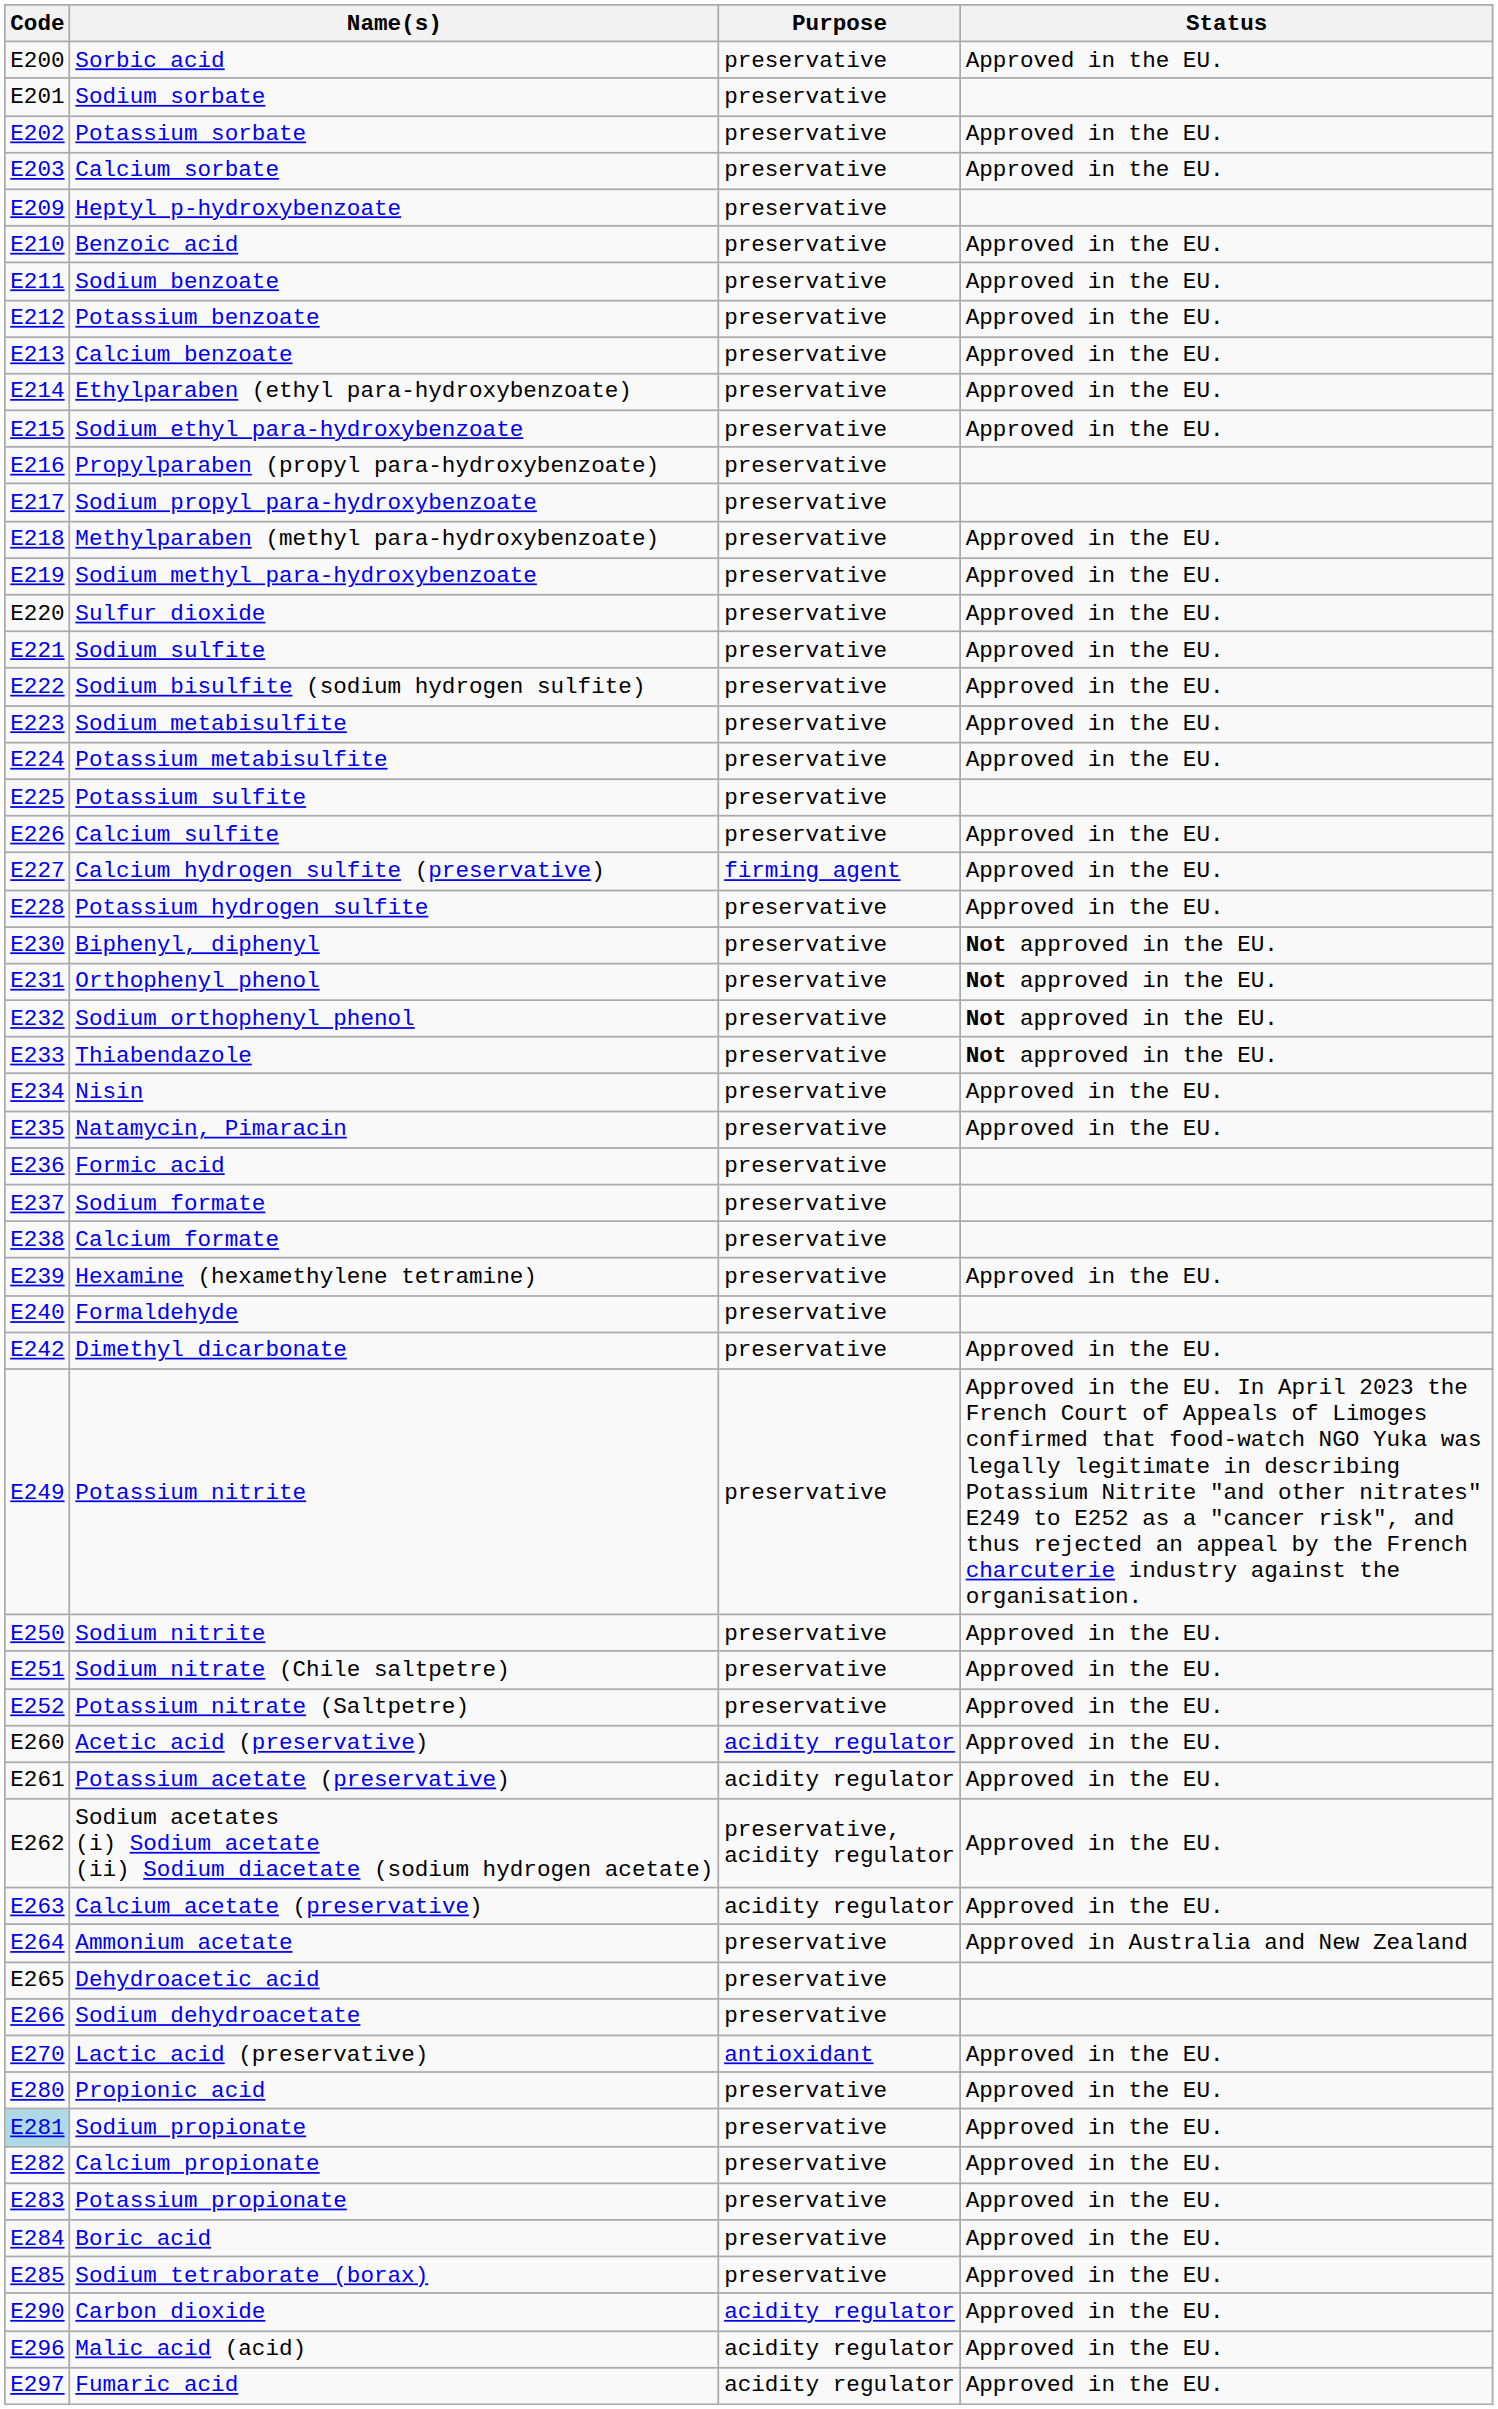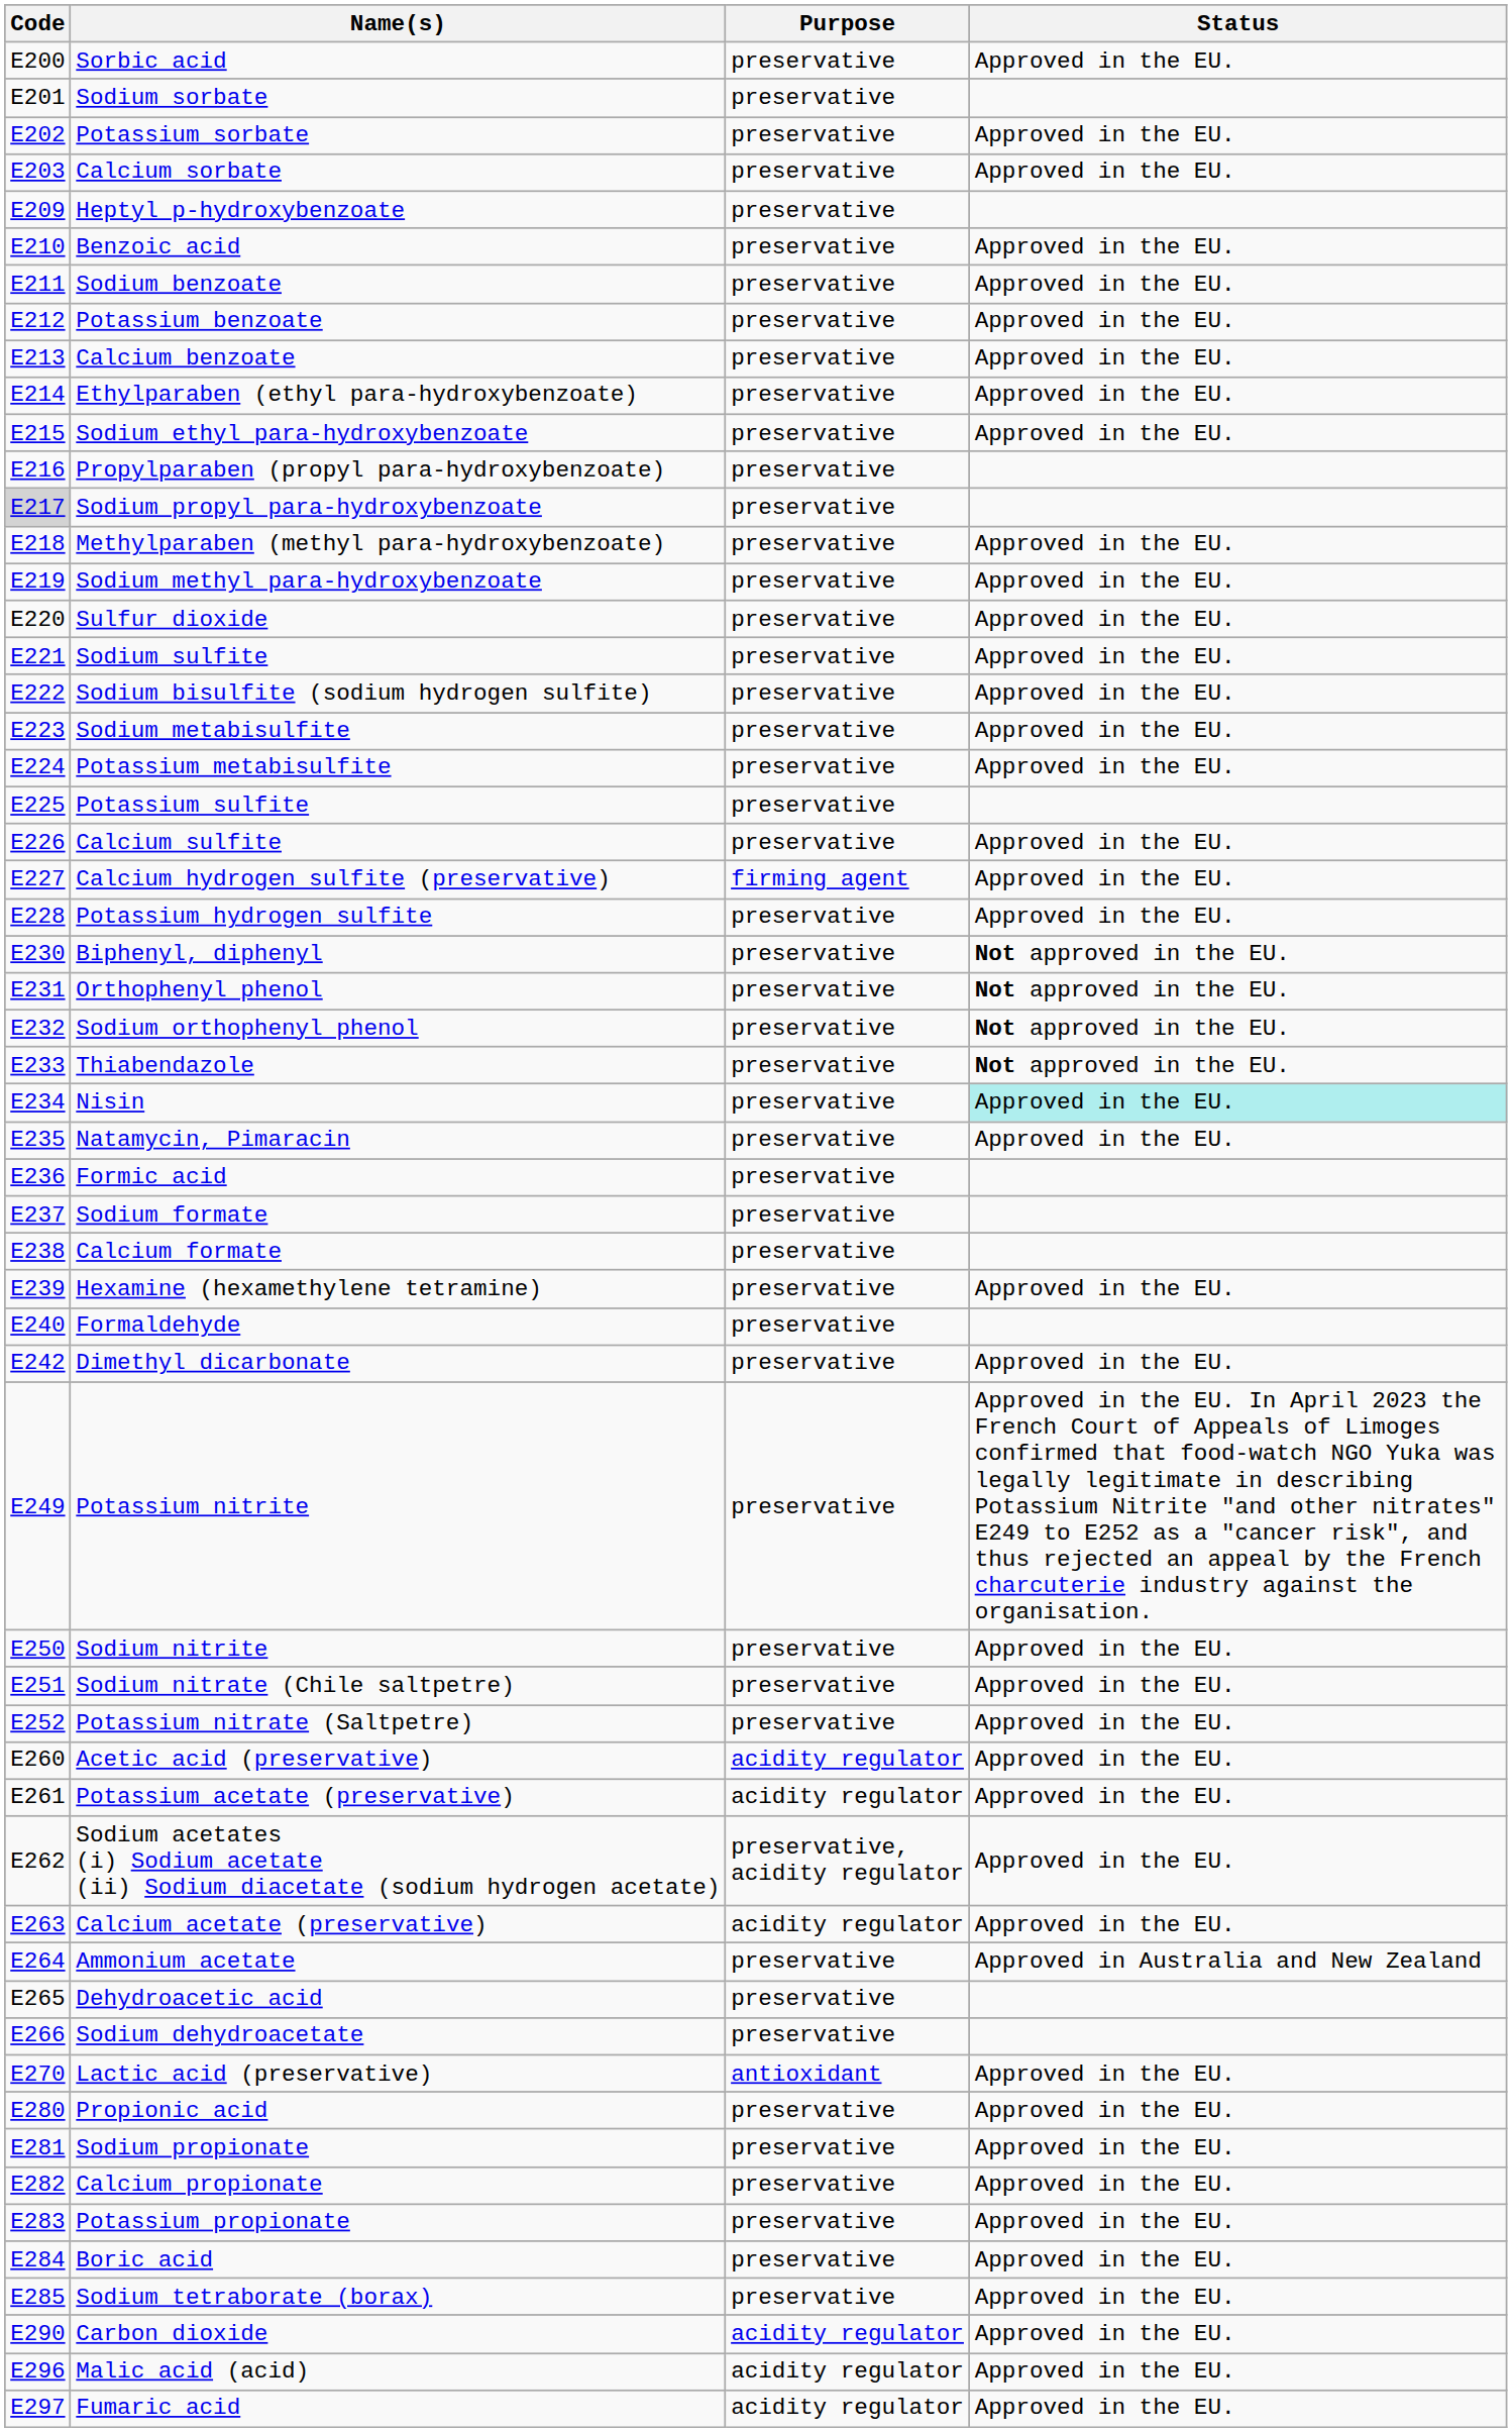 <table class="wikitable sortable">
 <tr>
 <th>Code</th>
 <th>Name(s)</th>
 <th>Purpose</th>
 <th width=300>Status</th>
 </tr>
 <tr>
 <td>E200</td>
 <td><a href='#'>Sorbic acid</a></td>
 <td>preservative</td>
 <td>Approved in the EU.</td>
 </tr>
 <tr>
 <td>E201</td>
 <td><a href='#'>Sodium sorbate</a></td>
 <td>preservative</td>
 <td></td>
 </tr>
 <tr>
 <td><a href='#'>E202</a></td>
 <td><a href='#'>Potassium sorbate</a></td>
 <td>preservative</td>
 <td>Approved in the EU.</td>
 </tr>
 <tr>
 <td><a href='#'>E203</a></td>
 <td><a href='#'>Calcium sorbate</a></td>
 <td>preservative</td>
 <td>Approved in the EU.</td>
 </tr>
 <tr>
 <td><a href='#'>E209</a></td>
 <td><a href='#'>Heptyl p-hydroxybenzoate</a></td>
 <td>preservative</td>
 <td></td>
 </tr>
 <tr>
 <td><a href='#'>E210</a></td>
 <td><a href='#'>Benzoic acid</a></td>
 <td>preservative</td>
 <td>Approved in the EU.</td>
 </tr>
 <tr>
 <td><a href='#'>E211</a></td>
 <td><a href='#'>Sodium benzoate</a></td>
 <td>preservative</td>
 <td>Approved in the EU.</td>
 </tr>
 <tr>
 <td><a href='#'>E212</a></td>
 <td><a href='#'>Potassium benzoate</a></td>
 <td>preservative</td>
 <td>Approved in the EU.</td>
 </tr>
 <tr>
 <td><a href='#'>E213</a></td>
 <td><a href='#'>Calcium benzoate</a></td>
 <td>preservative</td>
 <td>Approved in the EU.</td>
 </tr>
 <tr>
 <td><a href='#'>E214</a></td>
 <td><a href='#'>Ethylparaben</a> (ethyl para-hydroxybenzoate)</td>
 <td>preservative</td>
 <td>Approved in the EU.</td>
 </tr>
 <tr>
 <td><a href='#'>E215</a></td>
 <td><a href='#'>Sodium ethyl para-hydroxybenzoate</a></td>
 <td>preservative</td>
 <td>Approved in the EU.</td>
 </tr>
 <tr>
 <td><a href='#'>E216</a></td>
 <td><a href='#'>Propylparaben</a> (propyl para-hydroxybenzoate)</td>
 <td>preservative</td>
 <td></td>
 </tr>
 <tr>
-<td><a href='#'>E217</a></td>
+<td style="background: lightgrey;"><a href='#'>E217</a></td>
 <td><a href='#'>Sodium propyl para-hydroxybenzoate</a></td>
 <td>preservative</td>
 <td></td>
 </tr>
 <tr>
 <td><a href='#'>E218</a></td>
 <td><a href='#'>Methylparaben</a> (methyl para-hydroxybenzoate)</td>
 <td>preservative</td>
 <td>Approved in the EU.</td>
 </tr>
 <tr>
 <td><a href='#'>E219</a></td>
 <td><a href='#'>Sodium methyl para-hydroxybenzoate</a></td>
 <td>preservative</td>
 <td>Approved in the EU.</td>
 </tr>
 <tr>
 <td>E220</td>
 <td><a href='#'>Sulfur dioxide</a></td>
 <td>preservative</td>
 <td>Approved in the EU.</td>
 </tr>
 <tr>
 <td><a href='#'>E221</a></td>
 <td><a href='#'>Sodium sulfite</a></td>
 <td>preservative</td>
 <td>Approved in the EU.</td>
 </tr>
 <tr>
 <td><a href='#'>E222</a></td>
 <td><a href='#'>Sodium bisulfite</a> (sodium hydrogen sulfite)</td>
 <td>preservative</td>
 <td>Approved in the EU.</td>
 </tr>
 <tr>
 <td><a href='#'>E223</a></td>
 <td><a href='#'>Sodium metabisulfite</a></td>
 <td>preservative</td>
 <td>Approved in the EU.</td>
 </tr>
 <tr>
 <td><a href='#'>E224</a></td>
 <td><a href='#'>Potassium metabisulfite</a></td>
 <td>preservative</td>
 <td>Approved in the EU.</td>
 </tr>
 <tr>
 <td><a href='#'>E225</a></td>
 <td><a href='#'>Potassium sulfite</a></td>
 <td>preservative</td>
 <td></td>
 </tr>
 <tr>
 <td><a href='#'>E226</a></td>
 <td><a href='#'>Calcium sulfite</a></td>
 <td>preservative</td>
 <td>Approved in the EU.</td>
 </tr>
 <tr>
 <td><a href='#'>E227</a></td>
 <td><a href='#'>Calcium hydrogen sulfite</a> (<a href='#'>preservative</a>)</td>
 <td><a href='#'>firming agent</a></td>
 <td>Approved in the EU.</td>
 </tr>
 <tr>
 <td><a href='#'>E228</a></td>
 <td><a href='#'>Potassium hydrogen sulfite</a></td>
 <td>preservative</td>
 <td>Approved in the EU.</td>
 </tr>
 <tr>
 <td><a href='#'>E230</a></td>
 <td><a href='#'>Biphenyl, diphenyl</a></td>
 <td>preservative</td>
 <td><strong>Not</strong> approved in the EU.</td>
 </tr>
 <tr>
 <td><a href='#'>E231</a></td>
 <td><a href='#'>Orthophenyl phenol</a></td>
 <td>preservative</td>
 <td><strong>Not</strong> approved in the EU.</td>
 </tr>
 <tr>
 <td><a href='#'>E232</a></td>
 <td><a href='#'>Sodium orthophenyl phenol</a></td>
 <td>preservative</td>
 <td><strong>Not</strong> approved in the EU.</td>
 </tr>
 <tr>
 <td><a href='#'>E233</a></td>
 <td><a href='#'>Thiabendazole</a></td>
 <td>preservative</td>
 <td><strong>Not</strong> approved in the EU.</td>
 </tr>
 <tr>
 <td><a href='#'>E234</a></td>
 <td><a href='#'>Nisin</a></td>
 <td>preservative</td>
-<td>Approved in the EU.</td>
+<td style="background: paleturquoise;">Approved in the EU.</td>
 </tr>
 <tr>
 <td><a href='#'>E235</a></td>
 <td><a href='#'>Natamycin, Pimaracin</a></td>
 <td>preservative</td>
 <td>Approved in the EU.</td>
 </tr>
 <tr>
 <td><a href='#'>E236</a></td>
 <td><a href='#'>Formic acid</a></td>
 <td>preservative</td>
 <td></td>
 </tr>
 <tr>
 <td><a href='#'>E237</a></td>
 <td><a href='#'>Sodium formate</a></td>
 <td>preservative</td>
 <td></td>
 </tr>
 <tr>
 <td><a href='#'>E238</a></td>
 <td><a href='#'>Calcium formate</a></td>
 <td>preservative</td>
 <td></td>
 </tr>
 <tr>
 <td><a href='#'>E239</a></td>
 <td><a href='#'>Hexamine</a> (hexamethylene tetramine)</td>
 <td>preservative</td>
 <td>Approved in the EU.</td>
 </tr>
 <tr>
 <td><a href='#'>E240</a></td>
 <td><a href='#'>Formaldehyde</a></td>
 <td>preservative</td>
 <td></td>
 </tr>
 <tr>
 <td><a href='#'>E242</a></td>
 <td><a href='#'>Dimethyl dicarbonate</a></td>
 <td>preservative</td>
 <td>Approved in the EU.</td>
 </tr>
 <tr>
 <td><a href='#'>E249</a></td>
 <td><a href='#'>Potassium nitrite</a></td>
 <td>preservative</td>
 <td>Approved in the EU. In April 2023 the French Court of Appeals of Limoges confirmed that food-watch NGO Yuka was legally legitimate in describing Potassium Nitrite "and other nitrates" E249 to E252 as a "cancer risk", and thus rejected an appeal by the French <a href='#'>charcuterie</a> industry against the organisation.</td>
 </tr>
 <tr>
 <td><a href='#'>E250</a></td>
 <td><a href='#'>Sodium nitrite</a></td>
 <td>preservative</td>
 <td>Approved in the EU.</td>
 </tr>
 <tr>
 <td><a href='#'>E251</a></td>
 <td><a href='#'>Sodium nitrate</a> (Chile saltpetre)</td>
 <td>preservative</td>
 <td>Approved in the EU.</td>
 </tr>
 <tr>
 <td><a href='#'>E252</a></td>
 <td><a href='#'>Potassium nitrate</a> (Saltpetre)</td>
 <td>preservative</td>
 <td>Approved in the EU.</td>
 </tr>
 <tr>
 <td>E260</td>
 <td><a href='#'>Acetic acid</a> (<a href='#'>preservative</a>)</td>
 <td><a href='#'>acidity regulator</a></td>
 <td>Approved in the EU.</td>
 </tr>
 <tr>
 <td>E261</td>
 <td><a href='#'>Potassium acetate</a> (<a href='#'>preservative</a>)</td>
 <td>acidity regulator</td>
 <td>Approved in the EU.</td>
 </tr>
 <tr>
 <td>E262</td>
 <td>Sodium acetates<br>(i) <a href='#'>Sodium acetate</a><br>(ii) <a href='#'>Sodium diacetate</a> (sodium hydrogen acetate)</td>
 <td>preservative,<br>acidity regulator</td>
 <td>Approved in the EU.</td>
 </tr>
 <tr>
 <td><a href='#'>E263</a></td>
 <td><a href='#'>Calcium acetate</a> (<a href='#'>preservative</a>)</td>
 <td>acidity regulator</td>
 <td>Approved in the EU.</td>
 </tr>
 <tr>
 <td><a href='#'>E264</a></td>
 <td><a href='#'>Ammonium acetate</a></td>
 <td>preservative</td>
 <td>Approved in Australia and New Zealand</td>
 </tr>
 <tr>
 <td>E265</td>
 <td><a href='#'>Dehydroacetic acid</a></td>
 <td>preservative</td>
 <td></td>
 </tr>
 <tr>
 <td><a href='#'>E266</a></td>
 <td><a href='#'>Sodium dehydroacetate</a></td>
 <td>preservative</td>
 <td></td>
 </tr>
 <tr>
 <td><a href='#'>E270</a></td>
 <td><a href='#'>Lactic acid</a> (preservative)</td>
 <td><a href='#'>antioxidant</a></td>
 <td>Approved in the EU.</td>
 </tr>
 <tr>
 <td><a href='#'>E280</a></td>
 <td><a href='#'>Propionic acid</a></td>
 <td>preservative</td>
 <td>Approved in the EU.</td>
 </tr>
 <tr>
-<td style="background: lightblue;"><a href='#'>E281</a></td>
+<td><a href='#'>E281</a></td>
 <td><a href='#'>Sodium propionate</a></td>
 <td>preservative</td>
 <td>Approved in the EU.</td>
 </tr>
 <tr>
 <td><a href='#'>E282</a></td>
 <td><a href='#'>Calcium propionate</a></td>
 <td>preservative</td>
 <td>Approved in the EU.</td>
 </tr>
 <tr>
 <td><a href='#'>E283</a></td>
 <td><a href='#'>Potassium propionate</a></td>
 <td>preservative</td>
 <td>Approved in the EU.</td>
 </tr>
 <tr>
 <td><a href='#'>E284</a></td>
 <td><a href='#'>Boric acid</a></td>
 <td>preservative</td>
 <td>Approved in the EU.</td>
 </tr>
 <tr>
 <td><a href='#'>E285</a></td>
 <td><a href='#'>Sodium tetraborate (borax)</a></td>
 <td>preservative</td>
 <td>Approved in the EU.</td>
 </tr>
 <tr>
 <td><a href='#'>E290</a></td>
 <td><a href='#'>Carbon dioxide</a></td>
 <td><a href='#'>acidity regulator</a></td>
 <td>Approved in the EU.</td>
 </tr>
 <tr>
 <td><a href='#'>E296</a></td>
 <td><a href='#'>Malic acid</a> (acid)</td>
 <td>acidity regulator</td>
 <td>Approved in the EU.</td>
 </tr>
 <tr>
 <td><a href='#'>E297</a></td>
 <td><a href='#'>Fumaric acid</a></td>
 <td>acidity regulator</td>
 <td>Approved in the EU.</td>
 </tr>
 </table>
